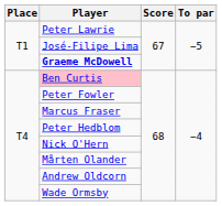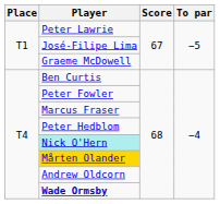 <table class="wikitable">
 <tr>
 <th>Place</th>
 <th>Player</th>
 <th>Score</th>
 <th>To par</th>
 </tr>
 <tr>
 <td rowspan="3" align=center>T1</td>
 <td> <a href='#'>Peter Lawrie</a></td>
 <td rowspan="3" align=center>67</td>
 <td rowspan="3" align=center>−5</td>
 </tr>
 <tr>
 <td> <a href='#'>José-Filipe Lima</a></td>
 </tr>
 <tr>
-<td><strong> <a href='#'>Graeme McDowell</a></strong></td>
+<td> <a href='#'>Graeme McDowell</a></td>
 </tr>
 <tr>
 <td rowspan="8" align=center>T4</td>
-<td style="background: pink;"> <a href='#'>Ben Curtis</a></td>
+<td> <a href='#'>Ben Curtis</a></td>
 <td rowspan="8" align=center>68</td>
 <td rowspan="8" align=center>−4</td>
 </tr>
 <tr>
 <td> <a href='#'>Peter Fowler</a></td>
 </tr>
 <tr>
 <td> <a href='#'>Marcus Fraser</a></td>
 </tr>
 <tr>
 <td> <a href='#'>Peter Hedblom</a></td>
 </tr>
 <tr>
-<td> <a href='#'>Nick O'Hern</a></td>
+<td style="background: paleturquoise;"> <a href='#'>Nick O'Hern</a></td>
 </tr>
 <tr>
-<td> <a href='#'>Mårten Olander</a></td>
+<td style="background: gold;"> <a href='#'>Mårten Olander</a></td>
 </tr>
 <tr>
 <td> <a href='#'>Andrew Oldcorn</a></td>
 </tr>
 <tr>
-<td> <a href='#'>Wade Ormsby</a></td>
+<td><strong> <a href='#'>Wade Ormsby</a></strong></td>
 </tr>
 </table>
